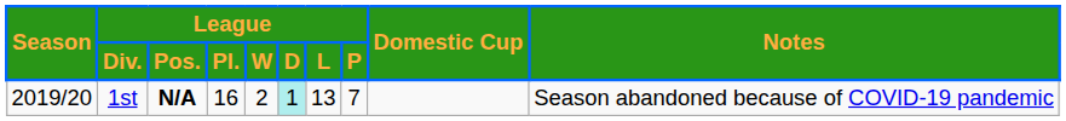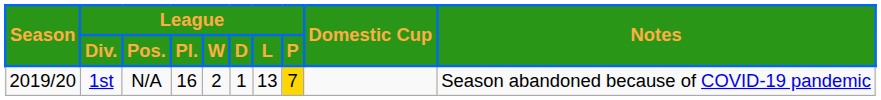 <table class="wikitable">
 <tr style="background:#FDFD07;">
 <th rowspan="2" ! style="background:#299617; color:#FFAE42; border:2px solid #0066FF;" scope="col">Season</th>
 <th colspan="7" ! style="background:#299617; color:#FFAE42; border:2px solid #0066FF;" scope="col">League</th>
 <th rowspan="2" ! style="background:#299617; color:#FFAE42; border:2px solid #0066FF;" scope="col">Domestic Cup</th>
 <th rowspan="2" ! style="background:#299617; color:#FFAE42; border:2px solid #0066FF;" scope="col">Notes</th>
 </tr>
 <tr>
 <th style="background:#299617; color:#FFAE42; border:2px solid #0066FF;" scope="col">Div.</th>
 <th style="background:#299617; color:#FFAE42; border:2px solid #0066FF;" scope="col">Pos.</th>
 <th style="background:#299617; color:#FFAE42; border:2px solid #0066FF;" scope="col">Pl.</th>
 <th style="background:#299617; color:#FFAE42; border:2px solid #0066FF;" scope="col">W</th>
 <th style="background:#299617; color:#FFAE42; border:2px solid #0066FF;" scope="col">D</th>
 <th style="background:#299617; color:#FFAE42; border:2px solid #0066FF;" scope="col">L</th>
 <th style="background:#299617; color:#FFAE42; border:2px solid #0066FF;" scope="col">P</th>
 </tr>
 <tr>
 <td align=center>2019/20</td>
 <td align=center><a href='#'>1st</a></td>
-<td style="text-align:center; "><strong>N/A</strong></td>
+<td style="text-align:center; ">N/A</td>
 <td align=center>16</td>
 <td align=center>2</td>
-<td align=center style="background: paleturquoise;">1</td>
+<td align=center>1</td>
 <td align=center>13</td>
-<td align=center>7</td>
+<td align=center style="background: gold;">7</td>
 <td align=center></td>
 <td>Season abandoned because of <a href='#'>COVID-19 pandemic</a></td>
 </tr>
 </table>
